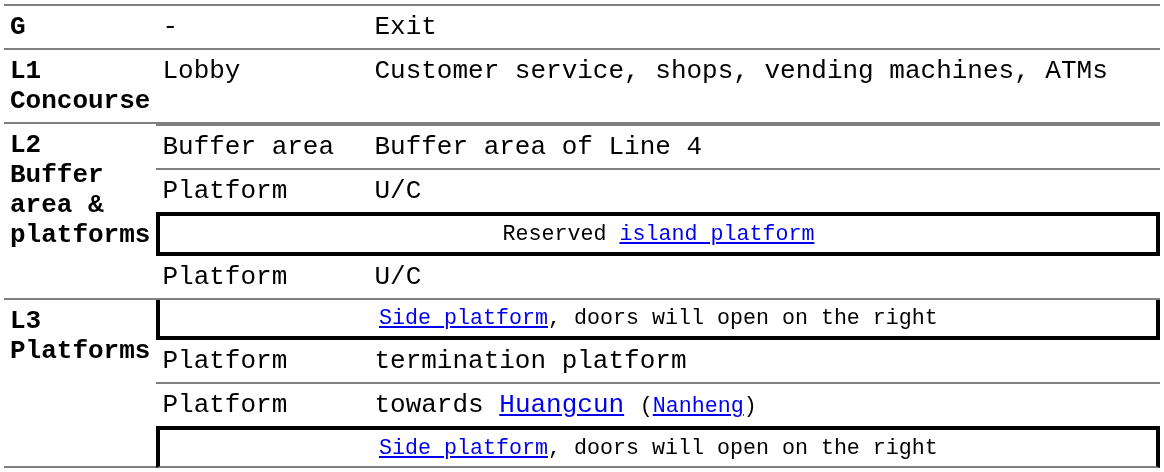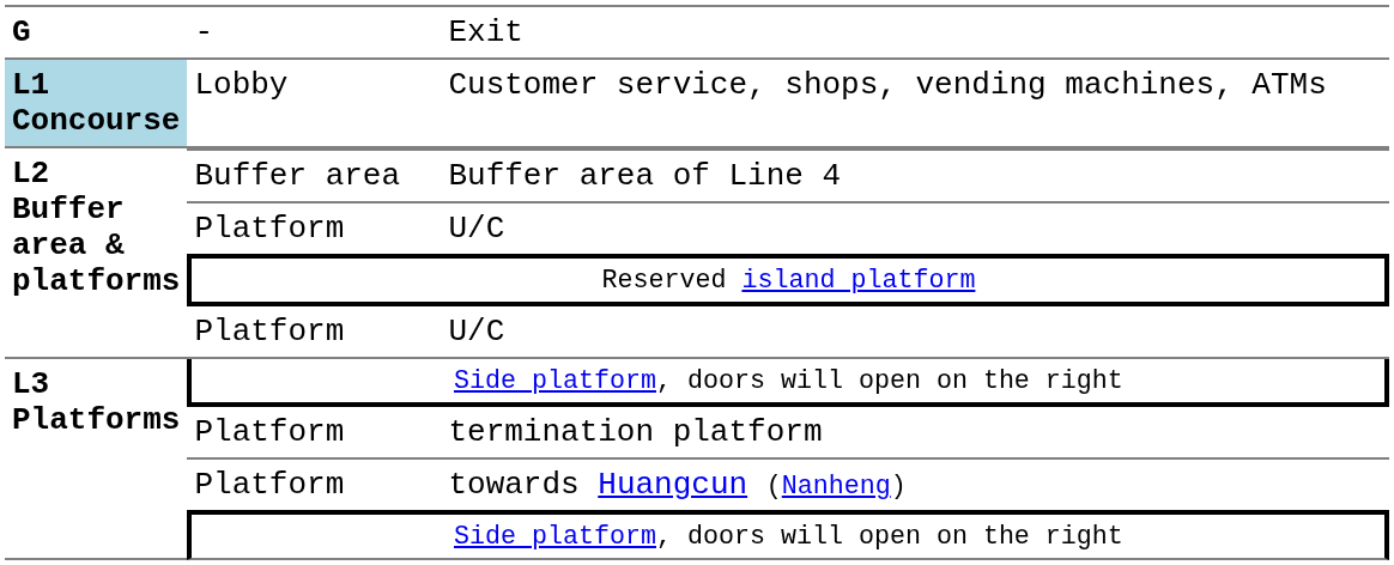 <table table border=0 cellspacing=0 cellpadding=3>
 <tr>
 <td style="border-top:solid 1px gray;" width=50 valign=top><strong>G</strong></td>
 <td style="border-top:solid 1px gray;" width=100 valign=top>-</td>
 <td style="border-top:solid 1px gray;" width=390 valign=top>Exit</td>
 </tr>
 <tr>
-<td style="border-bottom:solid 1px gray; border-top:solid 1px gray;" valign=top width=50><strong>L1<br>Concourse</strong></td>
+<td style="background: lightblue; border-bottom:solid 1px gray; border-top:solid 1px gray;" valign=top width=50><strong>L1<br>Concourse</strong></td>
 <td style="border-bottom:solid 1px gray; border-top:solid 1px gray;" valign=top width=100>Lobby</td>
 <td style="border-bottom:solid 1px gray; border-top:solid 1px gray;" valign=top width=390>Customer service, shops, vending machines, ATMs</td>
 </tr>
 <tr>
 <td style="border-bottom:solid 1px gray;" rowspan=4 valign=top><strong>L2<br>Buffer area & platforms</strong></td>
 <td style="border-top:solid 1px gray;" width=100 valign=top>Buffer area</td>
 <td style="border-top:solid 1px gray;" width=390 valign=top>Buffer area of Line 4</td>
 </tr>
 <tr>
 <td style="border-top:solid 1px gray;" width=100 valign=top>Platform</td>
 <td style="border-top:solid 1px gray;" width=390 valign=top> U/C</td>
 </tr>
 <tr>
 <td style="border-top:solid 2px black;border-bottom:solid 2px black;border-left:solid 2px black;border-right:solid 2px black;font-size:smaller;text-align:center;" colspan=2>Reserved <a href='#'>island platform</a></td>
 </tr>
 <tr>
 <td style="border-bottom:solid 1px gray;" width=100 valign=top>Platform</td>
 <td style="border-bottom:solid 1px gray;" width=390 valign=top> U/C</td>
 </tr>
 <tr>
 <td style="border-bottom:solid 1px gray;" rowspan=4 valign=top><strong>L3<br>Platforms</strong></td>
 <td style="border-right:solid 2px black;border-left:solid 2px black;border-bottom:solid 2px black;font-size:smaller;text-align:center;" colspan=2><a href='#'>Side platform</a>, doors will open on the right</td>
 </tr>
 <tr>
 <td style="border-bottom:solid 1px gray;" width=100>Platform </td>
 <td style="border-bottom:solid 1px gray;" width=390> termination platform</td>
 </tr>
 <tr>
 <td>Platform </td>
 <td>  towards <a href='#'>Huangcun</a> <small>(<a href='#'>Nanheng</a>)</small> </td>
 </tr>
 <tr>
 <td style="border-top:solid 2px black;border-right:solid 2px black;border-left:solid 2px black;border-bottom:solid 1px gray;font-size:smaller;text-align:center;" colspan=2><a href='#'>Side platform</a>, doors will open on the right</td>
 </tr>
 </table>
